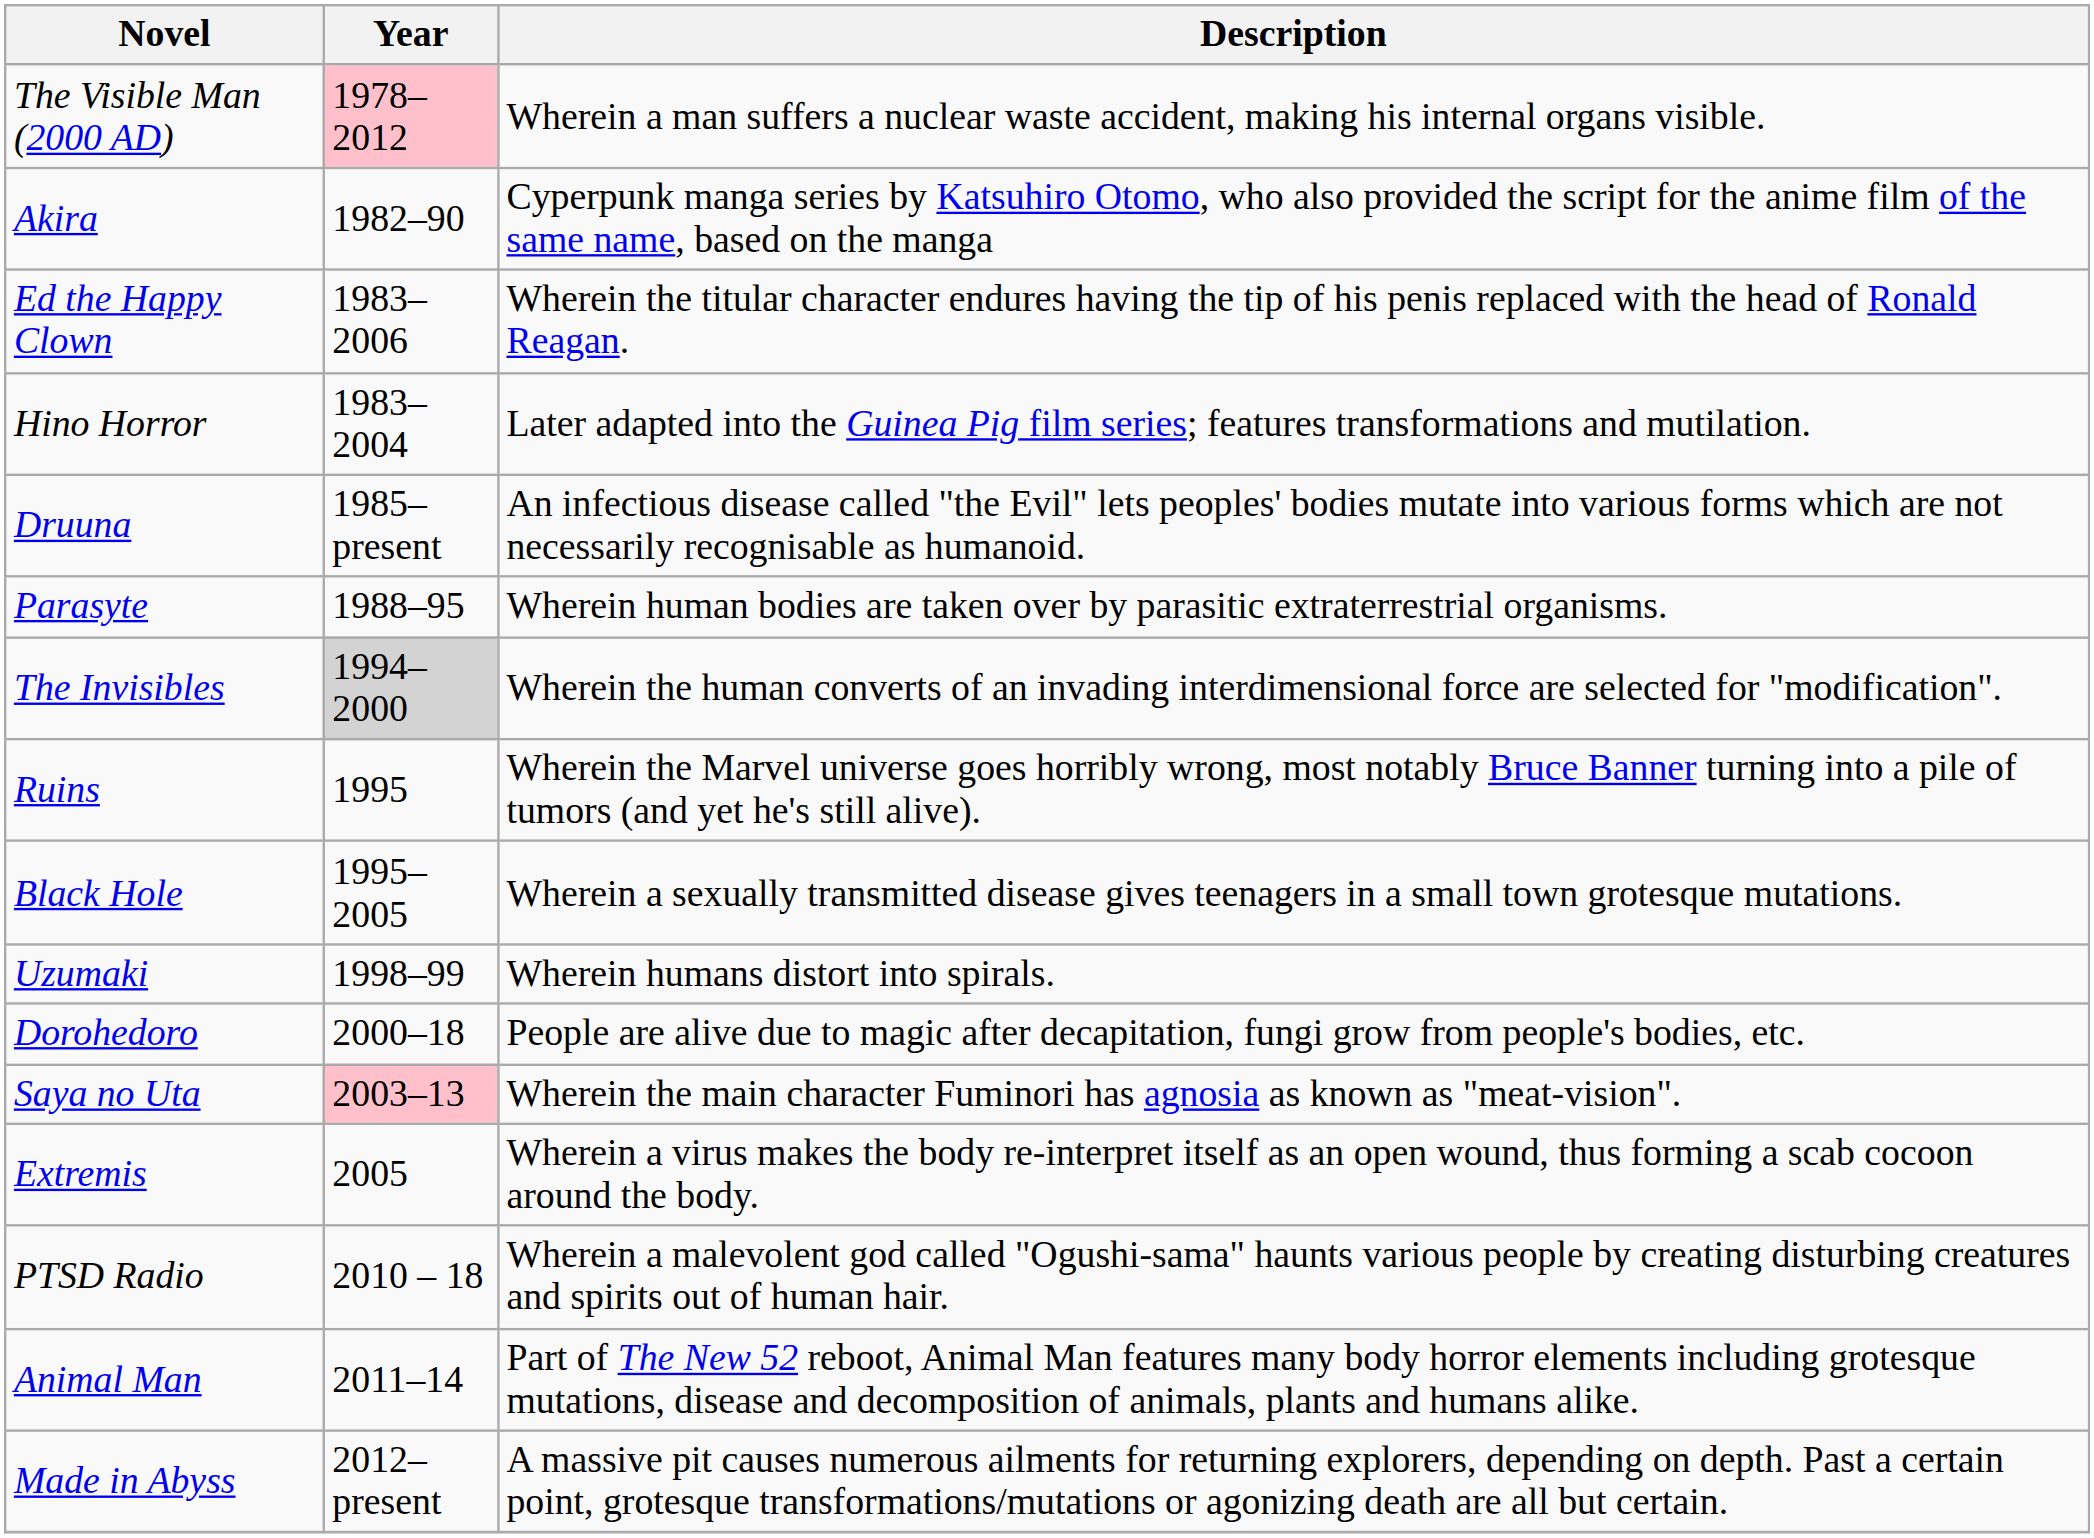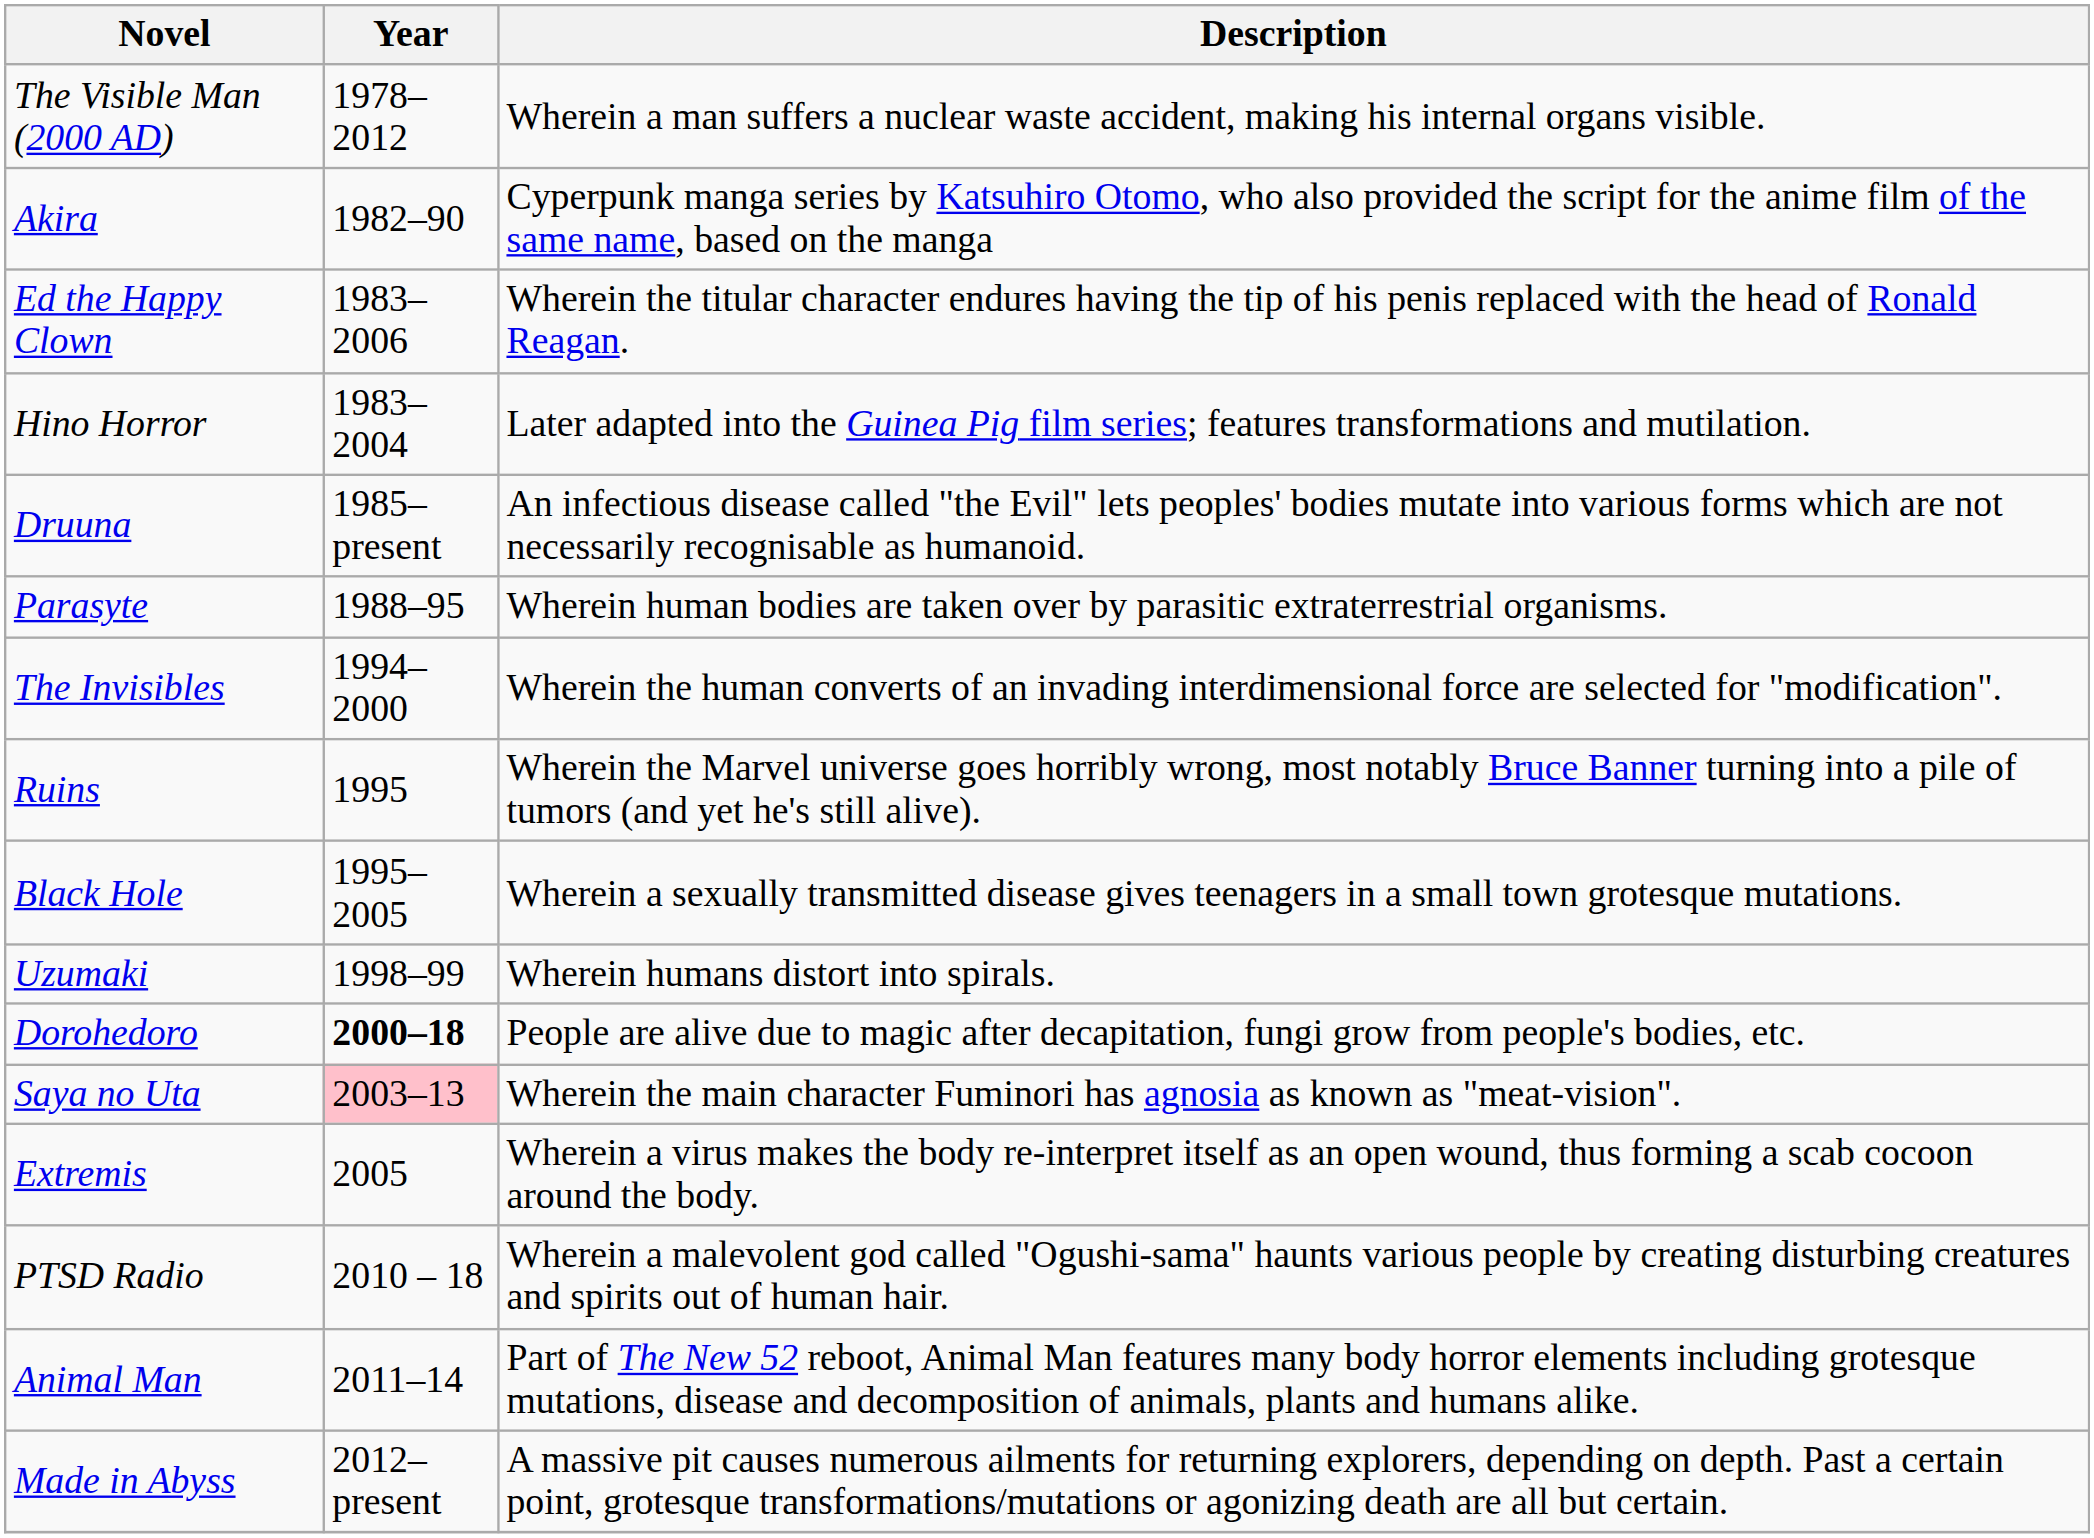 <table class="wikitable sortable" border="1" width="100%">
 <tr>
 <th scope="col">Novel</th>
 <th scope="col">Year</th>
 <th scope="col" class="unsortable" style=white-space:nowrap>Description</th>
 </tr>
 <tr>
 <td><em>The Visible Man (<a href='#'>2000 AD</a>)</em></td>
-<td style="background: pink;">1978–2012</td>
+<td>1978–2012</td>
 <td>Wherein a man suffers a nuclear waste accident, making his internal organs visible.</td>
 </tr>
 <tr>
 <td><em><a href='#'>Akira</a></em></td>
 <td>1982–90</td>
 <td>Cyperpunk manga series by <a href='#'>Katsuhiro Otomo</a>, who also provided the script for the anime film <a href='#'>of the same name</a>, based on the manga</td>
 </tr>
 <tr>
 <td><em><a href='#'>Ed the Happy Clown</a></em></td>
 <td>1983–2006</td>
 <td>Wherein the titular character endures having the tip of his penis replaced with the head of <a href='#'>Ronald Reagan</a>.</td>
 </tr>
 <tr>
 <td><em>Hino Horror</em></td>
 <td>1983–2004</td>
 <td>Later adapted into the <a href='#'><em>Guinea Pig</em> film series</a>; features transformations and mutilation.</td>
 </tr>
 <tr>
 <td><em><a href='#'>Druuna</a></em></td>
 <td>1985–present</td>
 <td>An infectious disease called "the Evil" lets peoples' bodies mutate into various forms which are not necessarily recognisable as humanoid.</td>
 </tr>
 <tr>
 <td><em><a href='#'>Parasyte</a></em></td>
 <td>1988–95</td>
 <td>Wherein human bodies are taken over by parasitic extraterrestrial organisms.</td>
 </tr>
 <tr>
 <td><em><a href='#'>The Invisibles</a></em></td>
-<td style="background: lightgrey;">1994–2000</td>
+<td>1994–2000</td>
 <td>Wherein the human converts of an invading interdimensional force are selected for "modification".</td>
 </tr>
 <tr>
 <td><em><a href='#'>Ruins</a></em></td>
 <td>1995</td>
 <td>Wherein the Marvel universe goes horribly wrong, most notably <a href='#'>Bruce Banner</a> turning into a pile of tumors (and yet he's still alive).</td>
 </tr>
 <tr>
 <td><em><a href='#'>Black Hole</a></em></td>
 <td>1995–2005</td>
 <td>Wherein a sexually transmitted disease gives teenagers in a small town grotesque mutations.</td>
 </tr>
 <tr>
 <td><em><a href='#'>Uzumaki</a></em></td>
 <td>1998–99</td>
 <td>Wherein humans distort into spirals.</td>
 </tr>
 <tr>
 <td><em><a href='#'>Dorohedoro</a></em></td>
-<td>2000–18</td>
+<td><strong>2000–18</strong></td>
 <td>People are alive due to magic after decapitation, fungi grow from people's bodies, etc.</td>
 </tr>
 <tr>
 <td><em><a href='#'>Saya no Uta</a></em></td>
 <td style="background: pink;">2003–13</td>
 <td>Wherein the main character Fuminori has <a href='#'>agnosia</a> as known as "meat-vision".</td>
 </tr>
 <tr>
 <td><em><a href='#'>Extremis</a></em></td>
 <td>2005</td>
 <td>Wherein a virus makes the body re-interpret itself as an open wound, thus forming a scab cocoon around the body.</td>
 </tr>
 <tr>
 <td><em>PTSD Radio</em></td>
 <td>2010 – 18</td>
 <td>Wherein a malevolent god called "Ogushi-sama" haunts various people by creating disturbing creatures and spirits out of human hair.</td>
 </tr>
 <tr>
 <td><em><a href='#'>Animal Man</a></em></td>
 <td>2011–14</td>
 <td>Part of <em><a href='#'>The New 52</a></em> reboot, Animal Man features many body horror elements including grotesque mutations, disease and decomposition of animals, plants and humans alike.</td>
 </tr>
 <tr>
 <td><em><a href='#'>Made in Abyss</a></em></td>
 <td>2012–present</td>
 <td>A massive pit causes numerous ailments for returning explorers, depending on depth. Past a certain point, grotesque transformations/mutations or agonizing death are all but certain.</td>
 </tr>
 <tr>
 </tr>
 </table>
